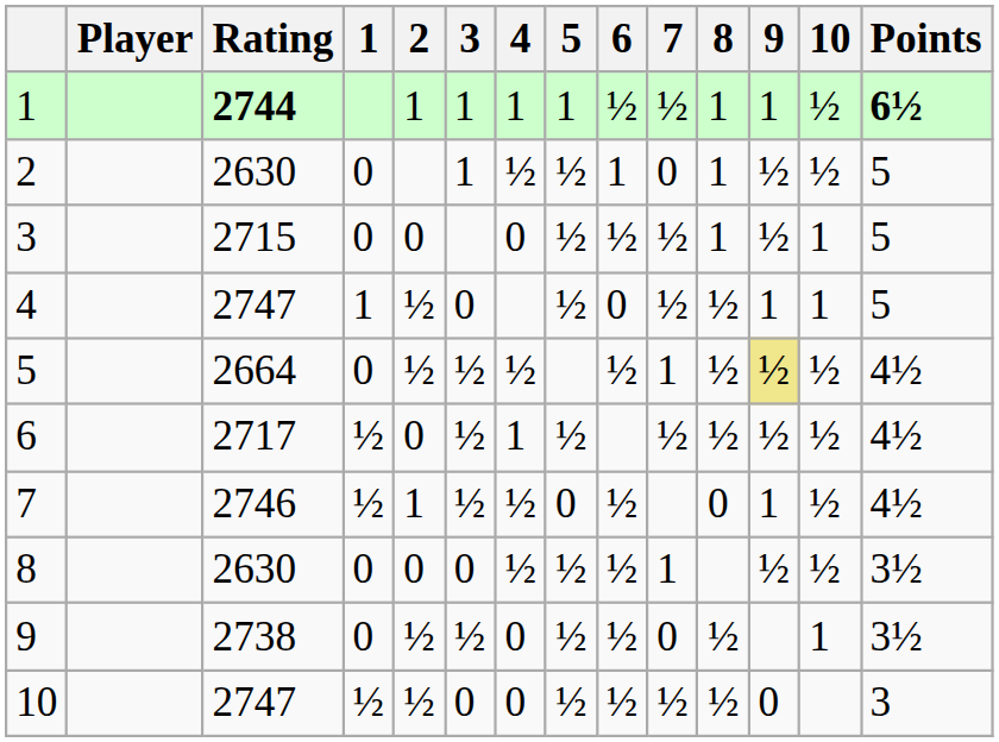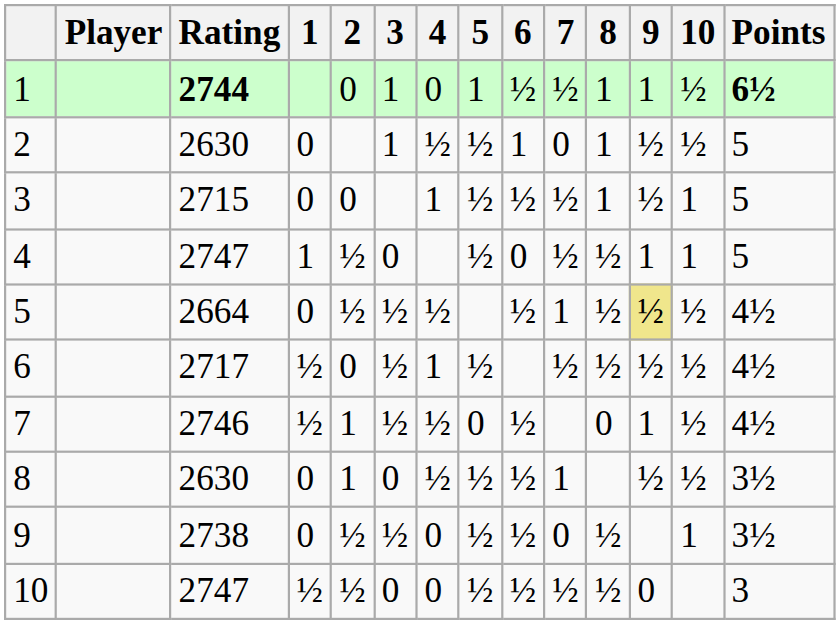 <table class=wikitable>
 <tr>
 <th></th>
 <th>Player</th>
 <th>Rating</th>
 <th>1</th>
 <th>2</th>
 <th>3</th>
 <th>4</th>
 <th>5</th>
 <th>6</th>
 <th>7</th>
 <th>8</th>
 <th>9</th>
 <th>10</th>
 <th>Points</th>
 </tr>
 <tr style="background:#ccffcc">
 <td>1</td>
 <td><strong></strong></td>
 <td><strong>2744</strong></td>
 <td></td>
+<td>0</td>
 <td>1</td>
-<td>1</td>
-<td>1</td>
+<td>0</td>
 <td>1</td>
 <td>½</td>
 <td>½</td>
 <td>1</td>
 <td>1</td>
 <td>½</td>
 <td><strong>6½</strong></td>
 </tr>
 <tr>
 <td>2</td>
 <td></td>
 <td>2630</td>
 <td>0</td>
 <td></td>
 <td>1</td>
 <td>½</td>
 <td>½</td>
 <td>1</td>
 <td>0</td>
 <td>1</td>
 <td>½</td>
 <td>½</td>
 <td>5</td>
 </tr>
 <tr>
 <td>3</td>
 <td></td>
 <td>2715</td>
 <td>0</td>
 <td>0</td>
 <td></td>
-<td>0</td>
+<td>1</td>
 <td>½</td>
 <td>½</td>
 <td>½</td>
 <td>1</td>
 <td>½</td>
 <td>1</td>
 <td>5</td>
 </tr>
 <tr>
 <td>4</td>
 <td></td>
 <td>2747</td>
 <td>1</td>
 <td>½</td>
 <td>0</td>
 <td></td>
 <td>½</td>
 <td>0</td>
 <td>½</td>
 <td>½</td>
 <td>1</td>
 <td>1</td>
 <td>5</td>
 </tr>
 <tr>
 <td>5</td>
 <td></td>
 <td>2664</td>
 <td>0</td>
 <td>½</td>
 <td>½</td>
 <td>½</td>
 <td></td>
 <td>½</td>
 <td>1</td>
 <td>½</td>
 <td style="background: khaki;">½</td>
 <td>½</td>
 <td>4½</td>
 </tr>
 <tr>
 <td>6</td>
 <td></td>
 <td>2717</td>
 <td>½</td>
 <td>0</td>
 <td>½</td>
 <td>1</td>
 <td>½</td>
 <td></td>
 <td>½</td>
 <td>½</td>
 <td>½</td>
 <td>½</td>
 <td>4½</td>
 </tr>
 <tr>
 <td>7</td>
 <td></td>
 <td>2746</td>
 <td>½</td>
 <td>1</td>
 <td>½</td>
 <td>½</td>
 <td>0</td>
 <td>½</td>
 <td></td>
 <td>0</td>
 <td>1</td>
 <td>½</td>
 <td>4½</td>
 </tr>
 <tr>
 <td>8</td>
 <td></td>
 <td>2630</td>
 <td>0</td>
-<td>0</td>
+<td>1</td>
 <td>0</td>
 <td>½</td>
 <td>½</td>
 <td>½</td>
 <td>1</td>
 <td></td>
 <td>½</td>
 <td>½</td>
 <td>3½</td>
 </tr>
 <tr>
 <td>9</td>
 <td></td>
 <td>2738</td>
 <td>0</td>
 <td>½</td>
 <td>½</td>
 <td>0</td>
 <td>½</td>
 <td>½</td>
 <td>0</td>
 <td>½</td>
 <td></td>
 <td>1</td>
 <td>3½</td>
 </tr>
 <tr>
 <td>10</td>
 <td></td>
 <td>2747</td>
 <td>½</td>
 <td>½</td>
 <td>0</td>
 <td>0</td>
 <td>½</td>
 <td>½</td>
 <td>½</td>
 <td>½</td>
 <td>0</td>
 <td></td>
 <td>3</td>
 </tr>
 </table>
